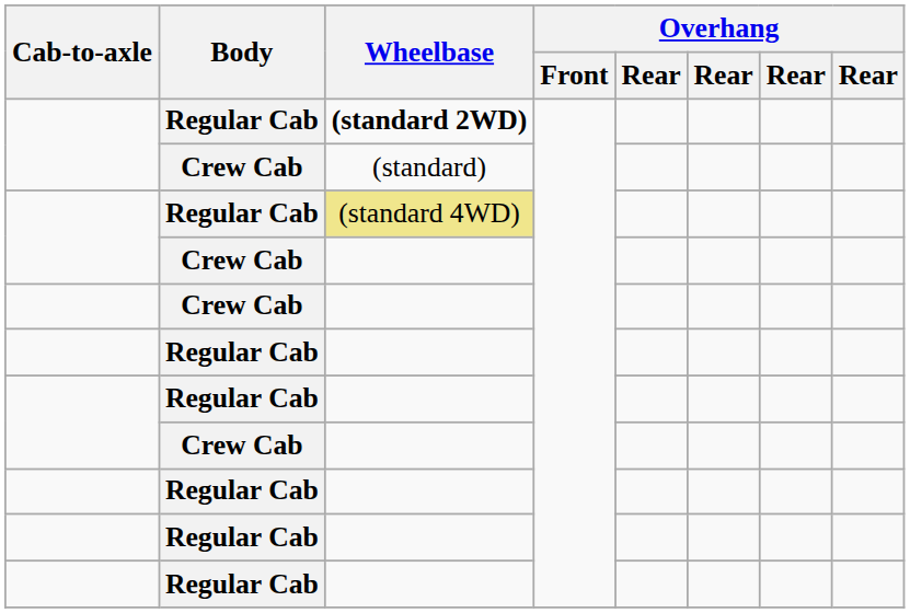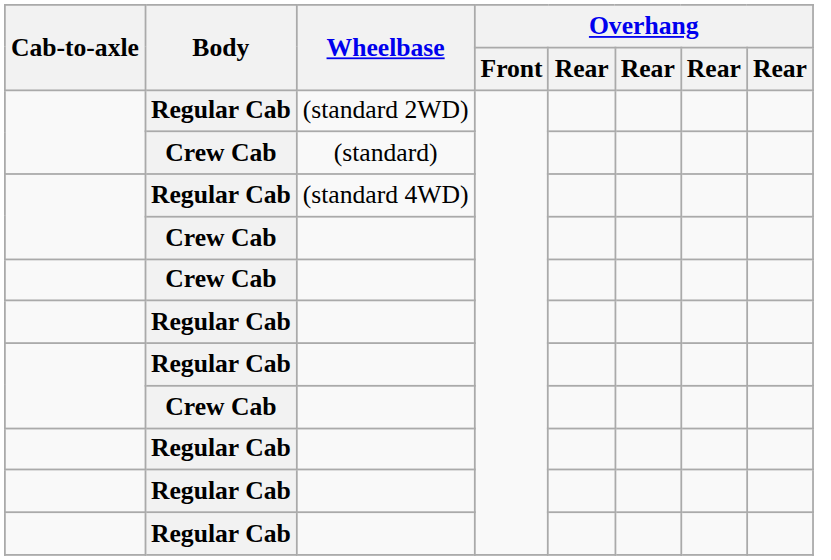 <table class="wikitable sortable" style="font-size:90%;text-align:center;">
 <tr>
 <th rowspan=2>Cab-to-axle</th>
 <th rowspan=2>Body</th>
 <th rowspan=2><a href='#'>Wheelbase</a></th>
 <th colspan=5><a href='#'>Overhang</a></th>
 </tr>
 <tr>
 <th>Front</th>
 <th>Rear </th>
 <th>Rear </th>
 <th>Rear </th>
 <th>Rear </th>
 </tr>
 <tr>
 <td rowspan=2></td>
 <th>Regular Cab</th>
-<td><strong> (standard 2WD)</strong></td>
+<td> (standard 2WD)</td>
 <td rowspan=11></td>
 <td></td>
 <td></td>
 <td></td>
 <td></td>
 </tr>
 <tr>
 <th>Crew Cab</th>
 <td> (standard)</td>
 <td></td>
 <td></td>
 <td></td>
 <td></td>
 </tr>
 <tr>
 <td rowspan=2></td>
 <th>Regular Cab</th>
-<td style="background: khaki;"> (standard 4WD)</td>
+<td> (standard 4WD)</td>
 <td></td>
 <td></td>
 <td></td>
 <td></td>
 </tr>
 <tr>
 <th>Crew Cab</th>
 <td></td>
 <td></td>
 <td></td>
 <td></td>
 <td></td>
 </tr>
 <tr>
 <td rowspan=1></td>
 <th>Crew Cab</th>
 <td></td>
 <td></td>
 <td></td>
 <td></td>
 <td></td>
 </tr>
 <tr>
 <td rowspan=1></td>
 <th>Regular Cab</th>
 <td></td>
 <td></td>
 <td></td>
 <td></td>
 <td></td>
 </tr>
 <tr>
 <td rowspan=2></td>
 <th>Regular Cab</th>
 <td></td>
 <td></td>
 <td></td>
 <td></td>
 <td></td>
 </tr>
 <tr>
 <th>Crew Cab</th>
 <td></td>
 <td></td>
 <td></td>
 <td></td>
 <td></td>
 </tr>
 <tr>
 <td rowspan=1></td>
 <th>Regular Cab</th>
 <td></td>
 <td></td>
 <td></td>
 <td></td>
 <td></td>
 </tr>
 <tr>
 <td rowspan=1></td>
 <th>Regular Cab</th>
 <td></td>
 <td></td>
 <td></td>
 <td></td>
 <td></td>
 </tr>
 <tr>
 <td rowspan=1></td>
 <th>Regular Cab</th>
 <td></td>
 <td></td>
 <td></td>
 <td></td>
 <td></td>
 </tr>
 </table>
